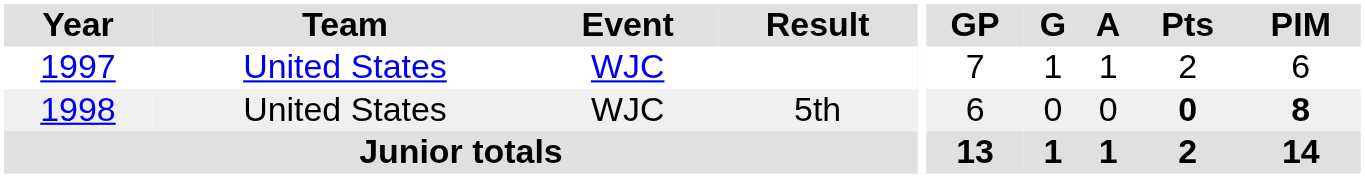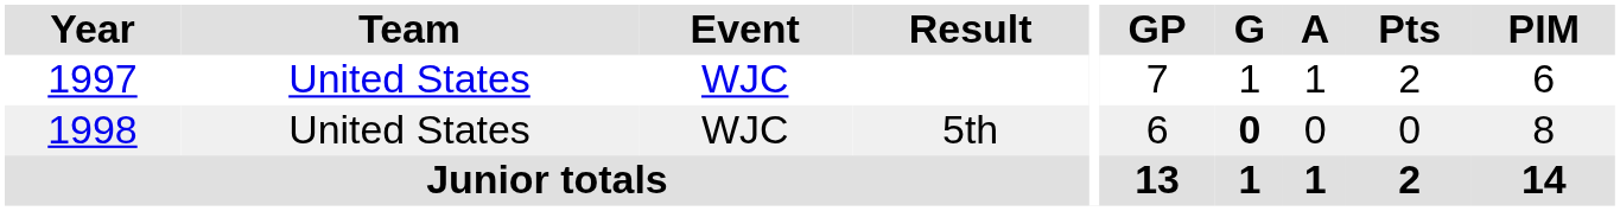 <table border="0" cellpadding="1" cellspacing="0" ID="Table3" style="text-align:center; width:40em">
 <tr bgcolor="#e0e0e0">
 <th>Year</th>
 <th>Team</th>
 <th>Event</th>
 <th>Result</th>
 <th rowspan="99" bgcolor="#ffffff"></th>
 <th>GP</th>
 <th>G</th>
 <th>A</th>
 <th>Pts</th>
 <th>PIM</th>
 </tr>
 <tr>
 <td><a href='#'>1997</a></td>
 <td><a href='#'>United States</a></td>
 <td><a href='#'>WJC</a></td>
 <td></td>
 <td>7</td>
 <td>1</td>
 <td>1</td>
 <td>2</td>
 <td>6</td>
 </tr>
 <tr bgcolor="#f0f0f0">
 <td><a href='#'>1998</a></td>
 <td>United States</td>
 <td>WJC</td>
 <td>5th</td>
 <td>6</td>
+<td><strong>0</strong></td>
 <td>0</td>
 <td>0</td>
-<td><strong>0</strong></td>
-<td><strong>8</strong></td>
+<td>8</td>
 </tr>
 <tr bgcolor="#e0e0e0">
 <th colspan="4">Junior totals</th>
 <th>13</th>
 <th>1</th>
 <th>1</th>
 <th>2</th>
 <th>14</th>
 </tr>
 </table>
